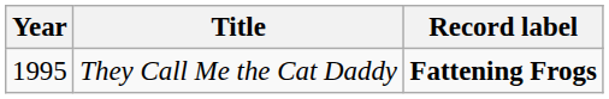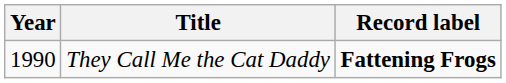 <table class="wikitable sortable">
 <tr>
 <th>Year</th>
 <th>Title</th>
 <th>Record label</th>
 </tr>
 <tr>
-<td>1995</td>
+<td>1990</td>
 <td><em>They Call Me the Cat Daddy</em></td>
 <td style="text-align:center;"><strong>Fattening Frogs</strong></td>
 </tr>
 </table>
